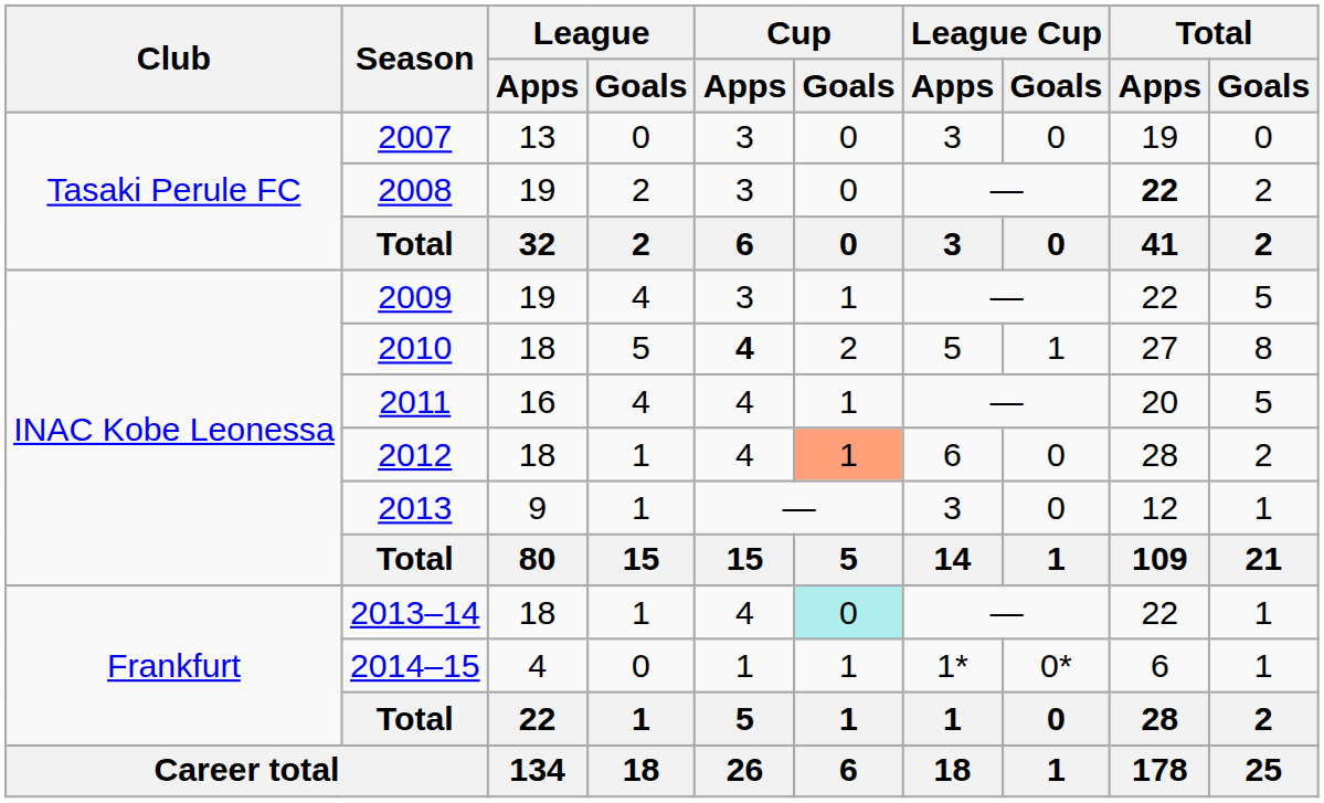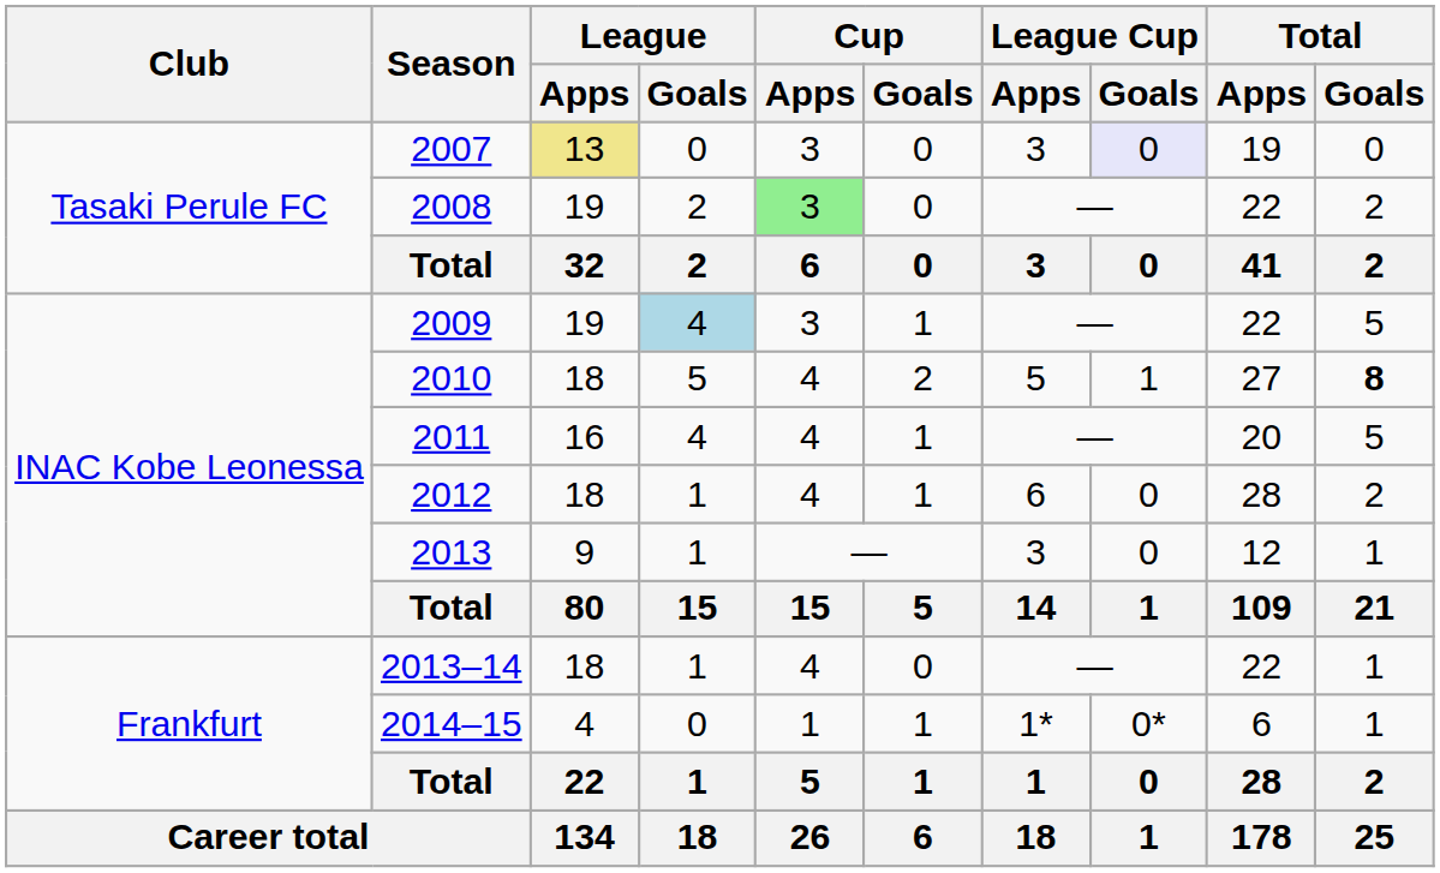 <table class="wikitable" style="font-size:90%; text-align:center;">
 <tr>
 <th rowspan="2">Club</th>
 <th rowspan="2">Season</th>
 <th colspan="2">League</th>
 <th colspan="2">Cup</th>
 <th colspan="2">League Cup</th>
 <th colspan="2">Total</th>
 </tr>
 <tr>
 <th>Apps</th>
 <th>Goals</th>
 <th>Apps</th>
 <th>Goals</th>
 <th>Apps</th>
 <th>Goals</th>
 <th>Apps</th>
 <th>Goals</th>
 </tr>
 <tr>
 <td rowspan="3"><a href='#'>Tasaki Perule FC</a></td>
 <td><a href='#'>2007</a></td>
-<td>13</td>
+<td style="background: khaki;">13</td>
 <td>0</td>
 <td>3</td>
 <td>0</td>
 <td>3</td>
-<td>0</td>
+<td style="background: lavender;">0</td>
 <td>19</td>
 <td>0</td>
 </tr>
 <tr>
 <td><a href='#'>2008</a></td>
 <td>19</td>
 <td>2</td>
-<td>3</td>
+<td style="background: lightgreen;">3</td>
 <td>0</td>
 <td colspan="2">—</td>
-<td><strong>22</strong></td>
+<td>22</td>
 <td>2</td>
 </tr>
 <tr>
 <th colspan="1">Total</th>
 <th>32</th>
 <th>2</th>
 <th>6</th>
 <th>0</th>
 <th>3</th>
 <th>0</th>
 <th>41</th>
 <th>2</th>
 </tr>
 <tr>
 <td rowspan="6"><a href='#'>INAC Kobe Leonessa</a></td>
 <td><a href='#'>2009</a></td>
 <td>19</td>
-<td>4</td>
+<td style="background: lightblue;">4</td>
 <td>3</td>
 <td>1</td>
 <td colspan="2">—</td>
 <td>22</td>
 <td>5</td>
 </tr>
 <tr>
 <td><a href='#'>2010</a></td>
 <td>18</td>
 <td>5</td>
-<td><strong>4</strong></td>
+<td>4</td>
 <td>2</td>
 <td>5</td>
 <td>1</td>
 <td>27</td>
-<td>8</td>
+<td><strong>8</strong></td>
 </tr>
 <tr>
 <td><a href='#'>2011</a></td>
 <td>16</td>
 <td>4</td>
 <td>4</td>
 <td>1</td>
 <td colspan="2">—</td>
 <td>20</td>
 <td>5</td>
 </tr>
 <tr>
 <td><a href='#'>2012</a></td>
 <td>18</td>
 <td>1</td>
 <td>4</td>
-<td style="background: lightsalmon;">1</td>
+<td>1</td>
 <td>6</td>
 <td>0</td>
 <td>28</td>
 <td>2</td>
 </tr>
 <tr>
 <td><a href='#'>2013</a></td>
 <td>9</td>
 <td>1</td>
 <td colspan="2">—</td>
 <td>3</td>
 <td>0</td>
 <td>12</td>
 <td>1</td>
 </tr>
 <tr>
 <th colspan="1">Total</th>
 <th>80</th>
 <th>15</th>
 <th>15</th>
 <th>5</th>
 <th>14</th>
 <th>1</th>
 <th>109</th>
 <th>21</th>
 </tr>
 <tr>
 <td rowspan="3"><a href='#'>Frankfurt</a></td>
 <td><a href='#'>2013–14</a></td>
 <td>18</td>
 <td>1</td>
 <td>4</td>
-<td style="background: paleturquoise;">0</td>
+<td>0</td>
 <td colspan="2">—</td>
 <td>22</td>
 <td>1</td>
 </tr>
 <tr>
 <td><a href='#'>2014–15</a></td>
 <td>4</td>
 <td>0</td>
 <td>1</td>
 <td>1</td>
 <td>1*</td>
 <td>0*</td>
 <td>6</td>
 <td>1</td>
 </tr>
 <tr>
 <th colspan="1">Total</th>
 <th>22</th>
 <th>1</th>
 <th>5</th>
 <th>1</th>
 <th>1</th>
 <th>0</th>
 <th>28</th>
 <th>2</th>
 </tr>
 <tr>
 <th colspan="2">Career total</th>
 <th>134</th>
 <th>18</th>
 <th>26</th>
 <th>6</th>
 <th>18</th>
 <th>1</th>
 <th>178</th>
 <th>25</th>
 </tr>
 </table>
